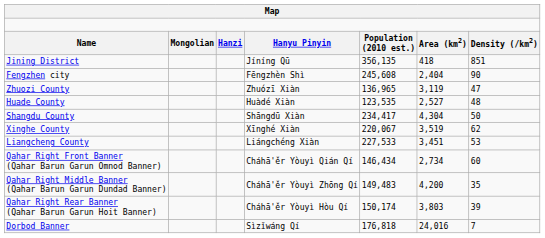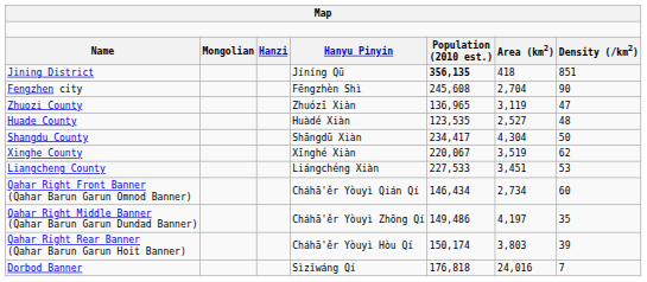 <table class="wikitable"  style="font-size:90%;" align=center>
 <tr>
 <th colspan="8" align="center">Map</th>
 </tr>
 <tr>
 <td colspan="8" align="center"><div><br>              </div></td>
 </tr>
 <tr>
 <th>Name</th>
 <th>Mongolian</th>
 <th><a href='#'>Hanzi</a></th>
 <th><a href='#'>Hanyu Pinyin</a></th>
 <th>Population<br>(2010 est.)</th>
 <th>Area (km<sup>2</sup>)</th>
 <th>Density (/km<sup>2</sup>)</th>
 </tr>
 <tr>
 <td><a href='#'>Jining District</a></td>
 <td><br></td>
 <td></td>
 <td>Jíníng Qū</td>
-<td>356,135</td>
+<td><strong>356,135</strong></td>
 <td>418</td>
 <td>851</td>
 </tr>
 <tr>
 <td><a href='#'>Fengzhen</a> city</td>
 <td><br></td>
 <td></td>
 <td>Fēngzhèn Shì</td>
 <td>245,608</td>
-<td>2,404</td>
+<td>2,704</td>
 <td>90</td>
 </tr>
 <tr>
 <td><a href='#'>Zhuozi County</a></td>
 <td><br></td>
 <td></td>
 <td>Zhuózī Xiàn</td>
 <td>136,965</td>
 <td>3,119</td>
 <td>47</td>
 </tr>
 <tr>
 <td><a href='#'>Huade County</a></td>
 <td><br></td>
 <td></td>
 <td>Huàdé Xiàn</td>
 <td>123,535</td>
 <td>2,527</td>
 <td>48</td>
 </tr>
 <tr>
 <td><a href='#'>Shangdu County</a></td>
 <td><br></td>
 <td></td>
 <td>Shāngdū Xiàn</td>
 <td>234,417</td>
 <td>4,304</td>
 <td>50</td>
 </tr>
 <tr>
 <td><a href='#'>Xinghe County</a></td>
 <td><br></td>
 <td></td>
 <td>Xīnghé Xiàn</td>
 <td>220,067</td>
 <td>3,519</td>
 <td>62</td>
 </tr>
 <tr>
 <td><a href='#'>Liangcheng County</a></td>
 <td><br></td>
 <td></td>
 <td>Liángchéng Xiàn</td>
 <td>227,533</td>
 <td>3,451</td>
 <td>53</td>
 </tr>
 <tr>
 <td><a href='#'>Qahar Right Front Banner</a><br>(Qahar Barun Garun Omnod Banner)</td>
 <td><br></td>
 <td></td>
 <td>Cháhā'ěr Yòuyì Qián Qí</td>
 <td>146,434</td>
 <td>2,734</td>
 <td>60</td>
 </tr>
 <tr>
 <td><a href='#'>Qahar Right Middle Banner</a><br>(Qahar Barun Garun Dundad Banner)</td>
 <td><br></td>
 <td></td>
 <td>Cháhā'ěr Yòuyì Zhōng Qí</td>
-<td>149,483</td>
-<td>4,200</td>
+<td>149,486</td>
+<td>4,197</td>
 <td>35</td>
 </tr>
 <tr>
 <td><a href='#'>Qahar Right Rear Banner</a><br>(Qahar Barun Garun Hoit Banner)</td>
 <td><br></td>
 <td></td>
 <td>Cháhā'ěr Yòuyì Hòu Qí</td>
 <td>150,174</td>
 <td>3,803</td>
 <td>39</td>
 </tr>
 <tr>
 <td><a href='#'>Dorbod Banner</a></td>
 <td><br></td>
 <td></td>
 <td>Sìzǐwáng Qí</td>
 <td>176,818</td>
 <td>24,016</td>
 <td>7</td>
 </tr>
 </table>
